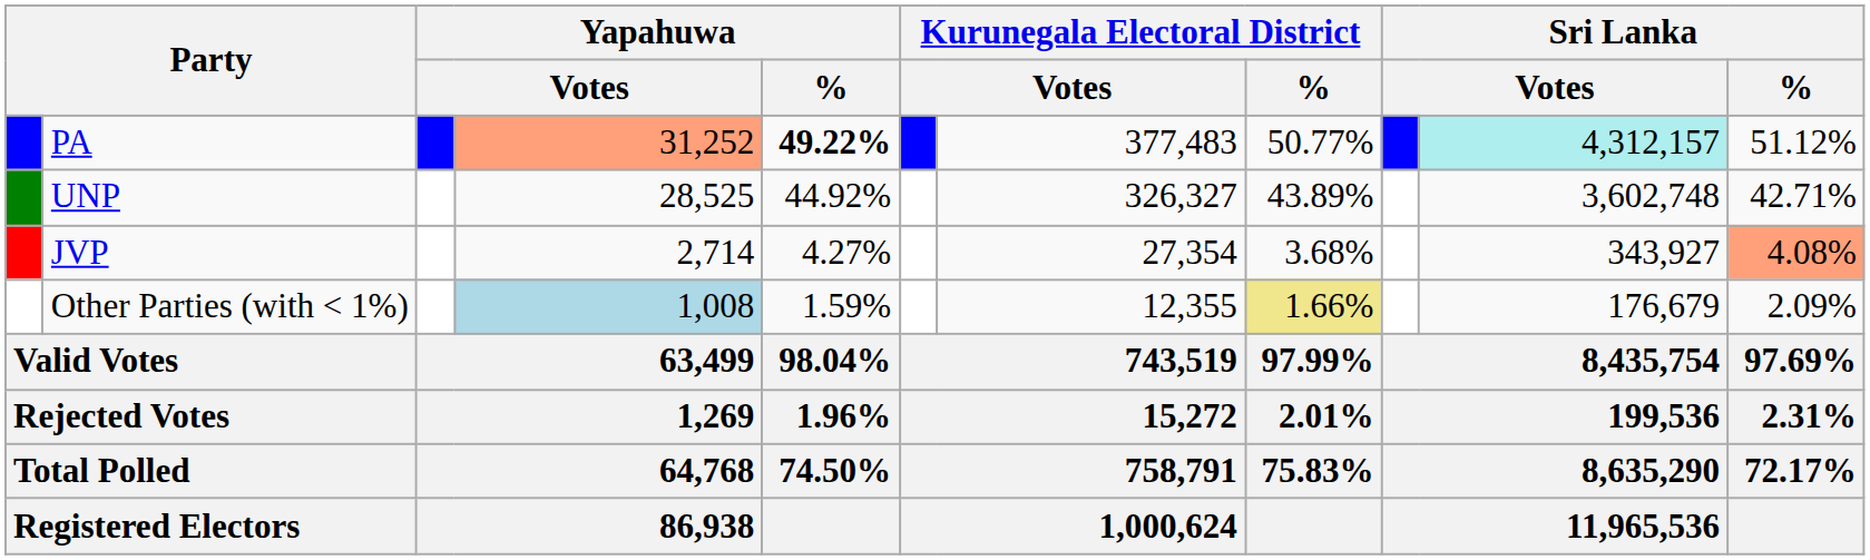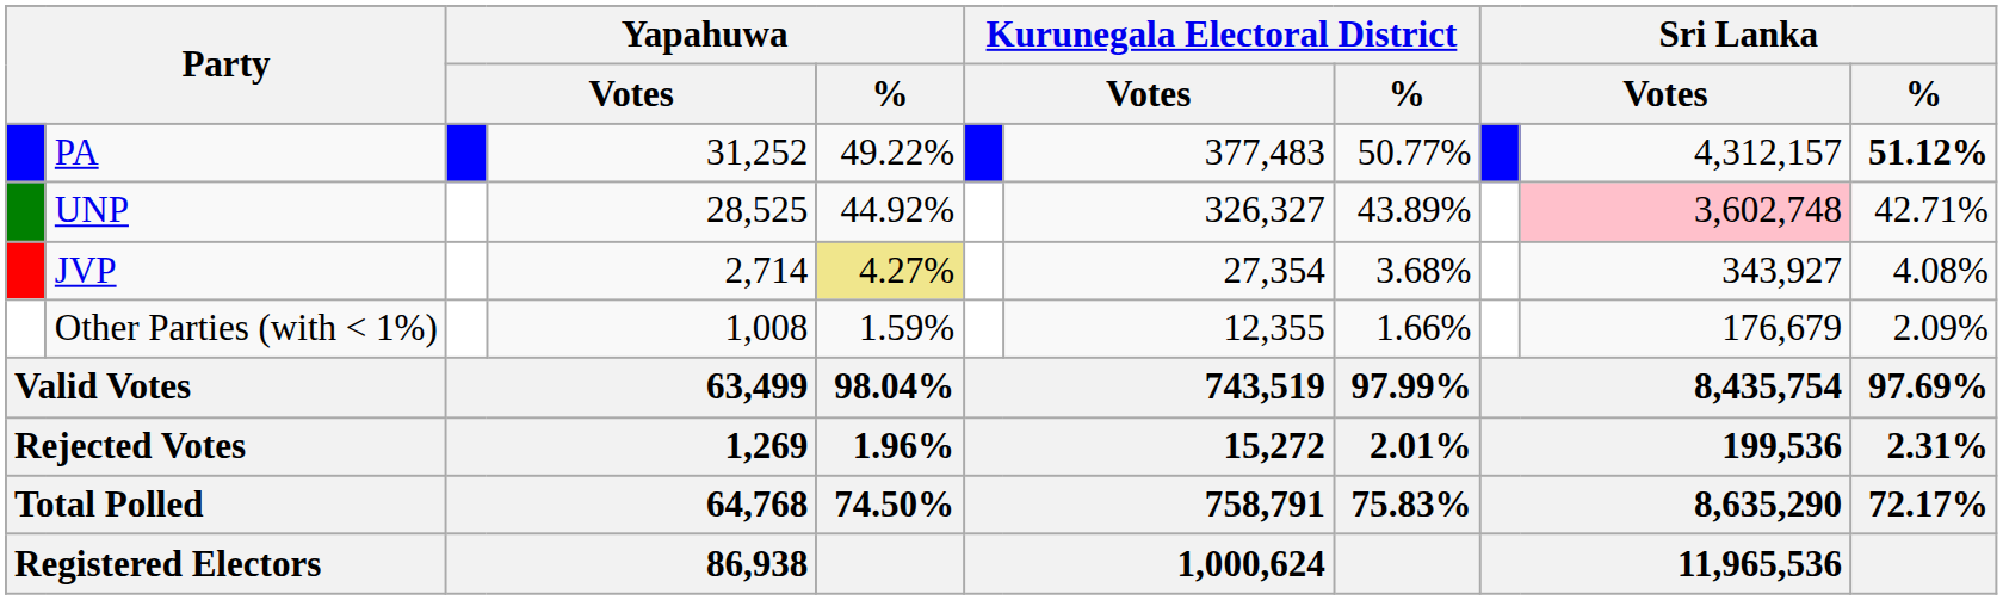 <table class="wikitable">
 <tr>
 <th colspan="2" width="144px"rowspan="2">Party</th>
 <th colspan="3" width="216px">Yapahuwa</th>
 <th colspan="3" width="216px"><a href='#'>Kurunegala Electoral District</a></th>
 <th colspan="3" width="216px">Sri Lanka</th>
 </tr>
 <tr>
 <th colspan="2" width="144px">Votes</th>
 <th>%</th>
 <th colspan="2" width="144px">Votes</th>
 <th>%</th>
 <th colspan="2" width="144px">Votes</th>
 <th>%</th>
 </tr>
 <tr>
 <td style="background-color:blue;" width="10px"></td>
 <td style="text-align:left;"><a href='#'>PA</a></td>
 <td style="background-color:blue;" width="10px"></td>
-<td style="background: lightsalmon; text-align:right;">31,252</td>
-<td style="text-align:right;"><strong>49.22%</strong></td>
+<td style="text-align:right;">31,252</td>
+<td style="text-align:right;">49.22%</td>
 <td style="background-color:blue;" width="10px"></td>
 <td style="text-align:right;">377,483</td>
 <td style="text-align:right;">50.77%</td>
 <td style="background-color:blue;" width="10px"></td>
-<td style="background: paleturquoise; text-align:right;">4,312,157</td>
-<td style="text-align:right;">51.12%</td>
+<td style="text-align:right;">4,312,157</td>
+<td style="text-align:right;"><strong>51.12%</strong></td>
 </tr>
 <tr>
 <td style="background-color:green;" width="10px"></td>
 <td style="text-align:left;"><a href='#'>UNP</a></td>
 <td style="background-color:white;" width="10px"></td>
 <td style="text-align:right;">28,525</td>
 <td style="text-align:right;">44.92%</td>
 <td style="background-color:white;" width="10px"></td>
 <td style="text-align:right;">326,327</td>
 <td style="text-align:right;">43.89%</td>
 <td style="background-color:white;" width="10px"></td>
-<td style="text-align:right;">3,602,748</td>
+<td style="background: pink; text-align:right;">3,602,748</td>
 <td style="text-align:right;">42.71%</td>
 </tr>
 <tr>
 <td style="background-color:red;" width="10px"></td>
 <td style="text-align:left;"><a href='#'>JVP</a></td>
 <td style="background-color:white;" width="10px"></td>
 <td style="text-align:right;">2,714</td>
-<td style="text-align:right;">4.27%</td>
+<td style="background: khaki; text-align:right;">4.27%</td>
 <td style="background-color:white;" width="10px"></td>
 <td style="text-align:right;">27,354</td>
 <td style="text-align:right;">3.68%</td>
 <td style="background-color:white;" width="10px"></td>
 <td style="text-align:right;">343,927</td>
-<td style="background: lightsalmon; text-align:right;">4.08%</td>
+<td style="text-align:right;">4.08%</td>
 </tr>
 <tr>
 <td style="background-color:white;" width="10px"></td>
 <td style="text-align:left;">Other Parties (with < 1%)</td>
 <td style="background-color:white;" width="10px"></td>
-<td style="background: lightblue; text-align:right;">1,008</td>
+<td style="text-align:right;">1,008</td>
 <td style="text-align:right;">1.59%</td>
 <td style="background-color:white;" width="10px"></td>
 <td style="text-align:right;">12,355</td>
-<td style="background: khaki; text-align:right;">1.66%</td>
+<td style="text-align:right;">1.66%</td>
 <td style="background-color:white;" width="10px"></td>
 <td style="text-align:right;">176,679</td>
 <td style="text-align:right;">2.09%</td>
 </tr>
 <tr>
 <th colspan="2" width="144px"style="text-align:left;">Valid Votes</th>
 <th style="text-align:right;"colspan="2" width="144px">63,499</th>
 <th style="text-align:right;">98.04%</th>
 <th style="text-align:right;"colspan="2" width="144px">743,519</th>
 <th style="text-align:right;">97.99%</th>
 <th style="text-align:right;"colspan="2" width="144px">8,435,754</th>
 <th style="text-align:right;">97.69%</th>
 </tr>
 <tr>
 <th colspan="2" width="144px"style="text-align:left;">Rejected Votes</th>
 <th style="text-align:right;"colspan="2" width="144px">1,269</th>
 <th style="text-align:right;">1.96%</th>
 <th style="text-align:right;"colspan="2" width="144px">15,272</th>
 <th style="text-align:right;">2.01%</th>
 <th style="text-align:right;"colspan="2" width="144px">199,536</th>
 <th style="text-align:right;">2.31%</th>
 </tr>
 <tr>
 <th colspan="2" width="144px"style="text-align:left;">Total Polled</th>
 <th style="text-align:right;"colspan="2" width="144px">64,768</th>
 <th style="text-align:right;">74.50%</th>
 <th style="text-align:right;"colspan="2" width="144px">758,791</th>
 <th style="text-align:right;">75.83%</th>
 <th style="text-align:right;"colspan="2" width="144px">8,635,290</th>
 <th style="text-align:right;">72.17%</th>
 </tr>
 <tr>
 <th colspan="2" width="144px"style="text-align:left;">Registered Electors</th>
 <th style="text-align:right;"colspan="2" width="144px">86,938</th>
 <th></th>
 <th style="text-align:right;"colspan="2" width="144px">1,000,624</th>
 <th></th>
 <th style="text-align:right;"colspan="2" width="144px">11,965,536</th>
 <th></th>
 </tr>
 </table>
